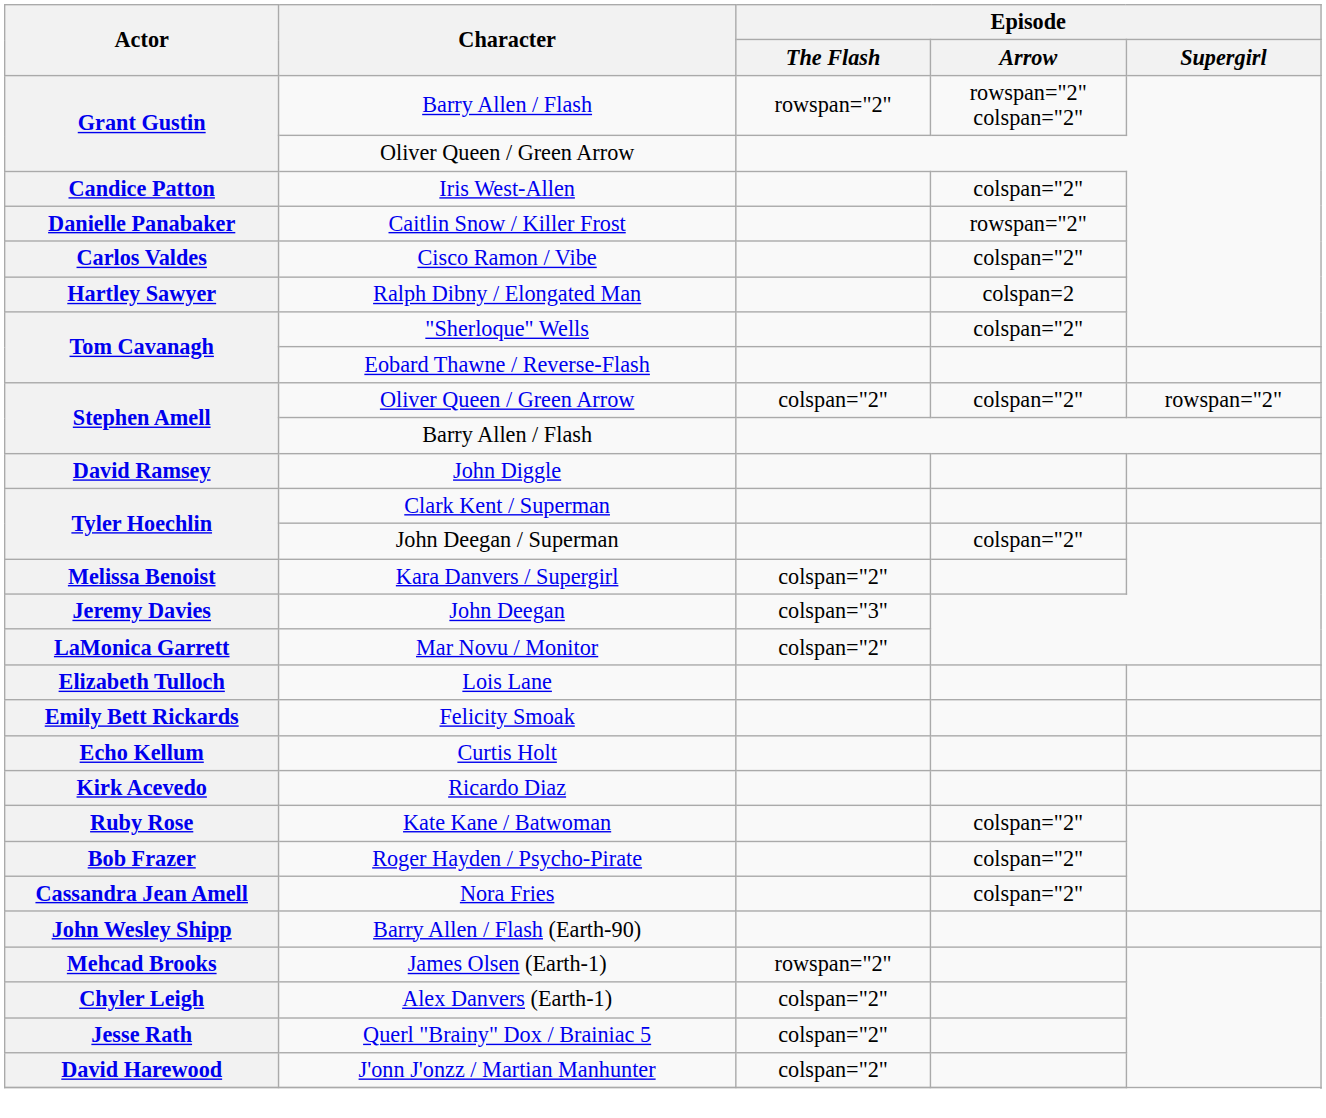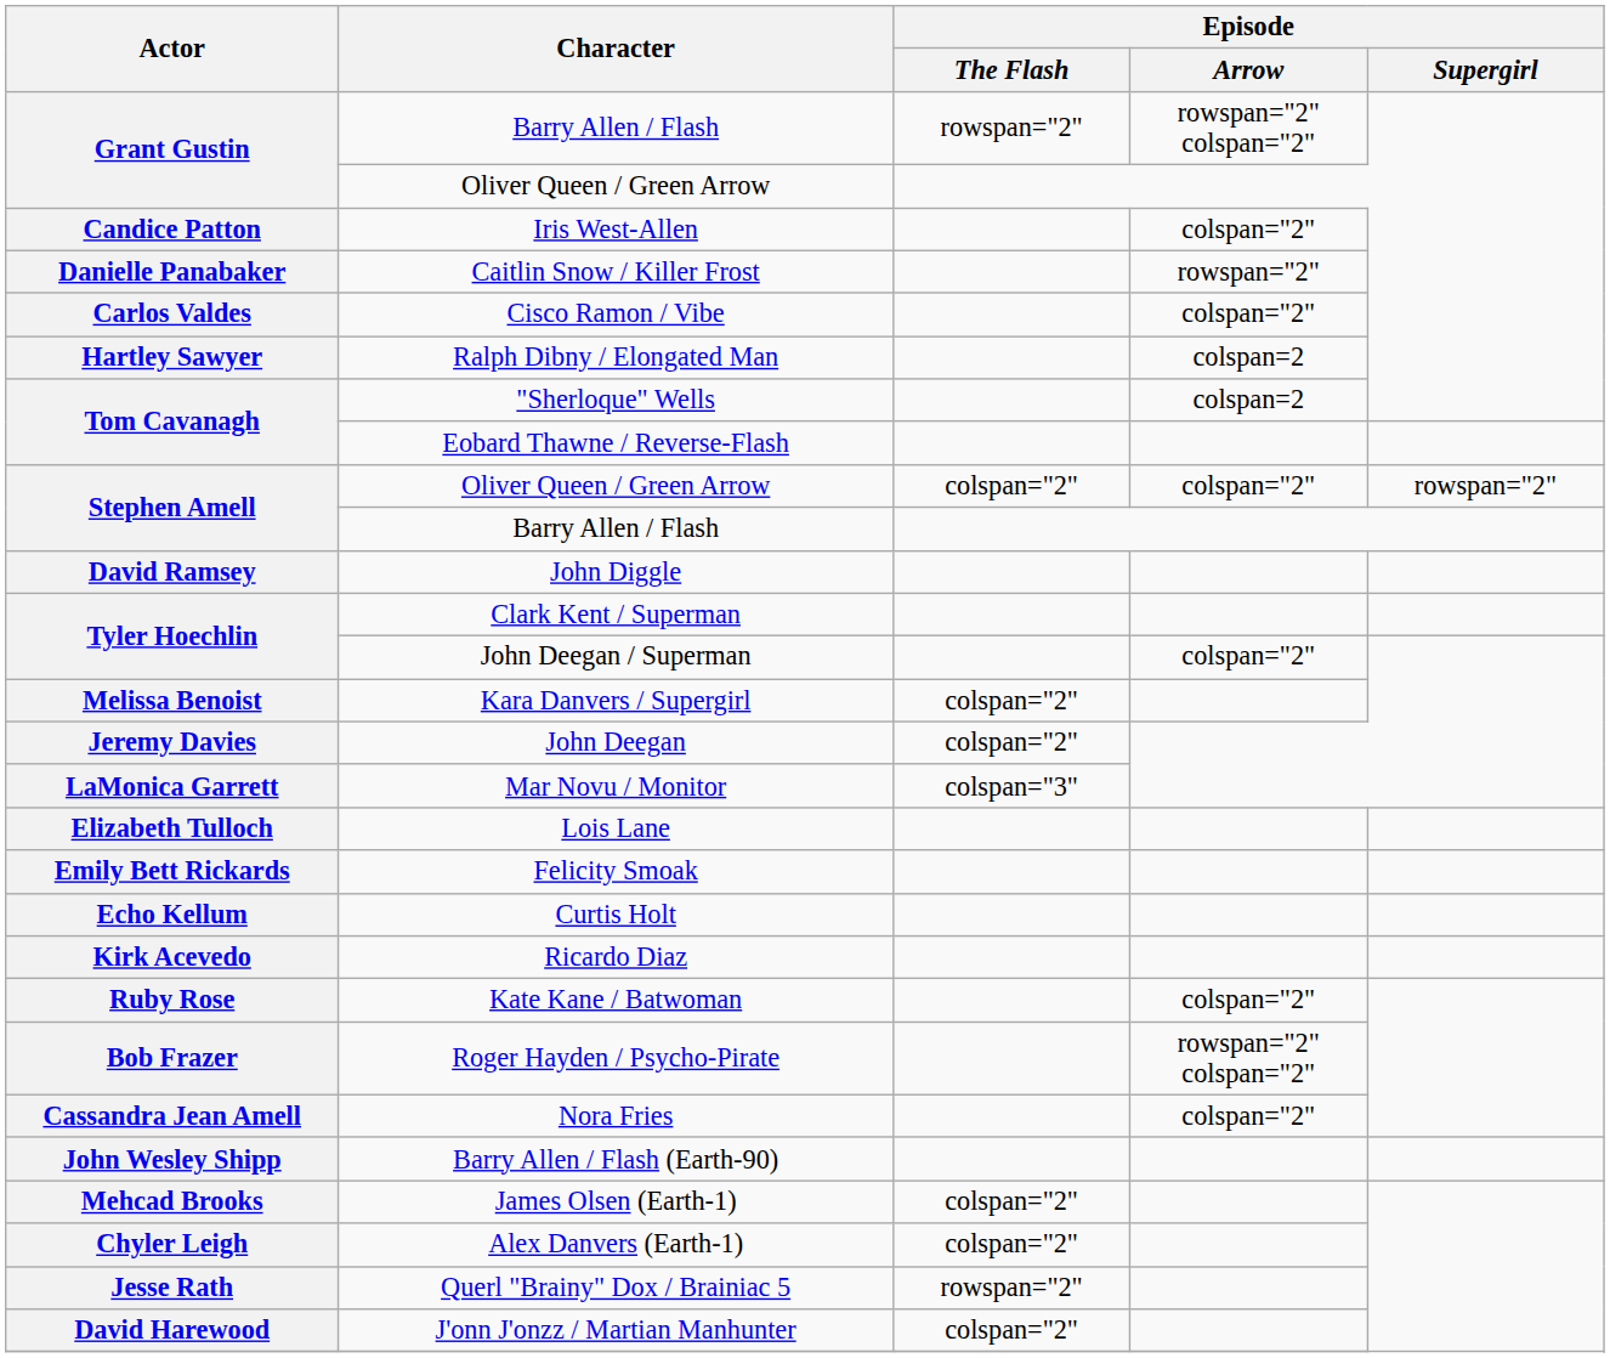 <table class="wikitable plainrowheaders" style="width:75%; text-align: center;">
 <tr>
 <th scope="col" rowspan="2" style="width: 12%;">Actor</th>
 <th scope="col" rowspan="2" style="width: 20%;">Character</th>
 <th scope="col" colspan="4">Episode</th>
 </tr>
 <tr>
 <th scope="col" style="width: 7%;"><em>The Flash</em></th>
 <th scope="col" style="width: 7%;"><em>Arrow</em></th>
 <th scope="col" style="width: 7%;"><em>Supergirl</em></th>
 </tr>
 <tr>
 <th scope="row" rowspan="2" style="text-align: center;"><a href='#'>Grant Gustin</a></th>
 <td><a href='#'>Barry Allen / Flash</a></td>
 <td>rowspan="2" </td>
 <td>rowspan="2" colspan="2" </td>
 </tr>
 <tr>
 <td>Oliver Queen / Green Arrow</td>
 </tr>
 <tr>
 <th scope="row" style="text-align: center;"><a href='#'>Candice Patton</a></th>
 <td><a href='#'>Iris West-Allen</a></td>
 <td></td>
 <td>colspan="2" </td>
 </tr>
 <tr>
 <th scope="row" style="text-align: center;"><a href='#'>Danielle Panabaker</a></th>
 <td><a href='#'>Caitlin Snow / Killer Frost</a></td>
 <td></td>
 <td>rowspan="2" </td>
 </tr>
 <tr>
 <th scope="row" style="text-align: center;"><a href='#'>Carlos Valdes</a></th>
 <td><a href='#'>Cisco Ramon / Vibe</a></td>
 <td></td>
 <td>colspan="2" </td>
 </tr>
 <tr>
 <th scope="row" style="text-align: center;"><a href='#'>Hartley Sawyer</a></th>
 <td><a href='#'>Ralph Dibny / Elongated Man</a></td>
 <td></td>
 <td>colspan=2 </td>
 </tr>
 <tr>
 <th scope="row" rowspan="2" style="text-align: center;"><a href='#'>Tom Cavanagh</a></th>
 <td><a href='#'>"Sherloque" Wells</a></td>
 <td></td>
-<td>colspan="2" </td>
+<td>colspan=2  </td>
 </tr>
 <tr>
 <td><a href='#'>Eobard Thawne / Reverse-Flash</a></td>
 <td></td>
 <td></td>
 <td></td>
 </tr>
 <tr>
 <th scope="row" rowspan="2" style="text-align: center;"><a href='#'>Stephen Amell</a></th>
 <td><a href='#'>Oliver Queen / Green Arrow</a></td>
 <td>colspan="2" </td>
 <td>colspan="2" </td>
 <td>rowspan="2" </td>
 </tr>
 <tr>
 <td>Barry Allen / Flash</td>
 </tr>
 <tr>
 <th scope="row" style="text-align: center;"><a href='#'>David Ramsey</a></th>
 <td><a href='#'>John Diggle</a></td>
 <td></td>
 <td></td>
 <td></td>
 </tr>
 <tr>
 <th scope="row" rowspan="2" style="text-align: center;"><a href='#'>Tyler Hoechlin</a></th>
 <td><a href='#'>Clark Kent / Superman</a></td>
 <td></td>
 <td></td>
 <td></td>
 </tr>
 <tr>
 <td>John Deegan / Superman</td>
 <td></td>
 <td>colspan="2" </td>
 </tr>
 <tr>
 <th scope="row" style="text-align: center;"><a href='#'>Melissa Benoist</a></th>
 <td><a href='#'>Kara Danvers / Supergirl</a></td>
 <td>colspan="2" </td>
 <td></td>
 </tr>
 <tr>
 <th scope="row" style="text-align: center;"><a href='#'>Jeremy Davies</a></th>
 <td><a href='#'>John Deegan</a></td>
-<td>colspan="3" </td>
+<td>colspan="2" </td>
 </tr>
 <tr>
 <th scope="row" style="text-align: center;"><a href='#'>LaMonica Garrett</a></th>
 <td><a href='#'>Mar Novu / Monitor</a></td>
-<td>colspan="2" </td>
+<td>colspan="3" </td>
 </tr>
 <tr>
 <th scope="row" style="text-align: center;"><a href='#'>Elizabeth Tulloch</a></th>
 <td><a href='#'>Lois Lane</a></td>
 <td></td>
 <td></td>
 <td><br></td>
 </tr>
 <tr>
 <th scope="row" style="text-align: center;"><a href='#'>Emily Bett Rickards</a></th>
 <td><a href='#'>Felicity Smoak</a></td>
 <td></td>
 <td></td>
 <td></td>
 </tr>
 <tr>
 <th scope="row" style="text-align: center;"><a href='#'>Echo Kellum</a></th>
 <td><a href='#'>Curtis Holt</a></td>
 <td></td>
 <td></td>
 <td></td>
 </tr>
 <tr>
 <th scope="row" style="text-align: center;"><a href='#'>Kirk Acevedo</a></th>
 <td><a href='#'>Ricardo Diaz</a></td>
 <td></td>
 <td></td>
 <td></td>
 </tr>
 <tr>
 <th scope="row" style="text-align: center;"><a href='#'>Ruby Rose</a></th>
 <td><a href='#'>Kate Kane / Batwoman</a></td>
 <td></td>
 <td>colspan="2" </td>
 </tr>
 <tr>
 <th scope="row" style="text-align: center;"><a href='#'>Bob Frazer</a></th>
 <td><a href='#'>Roger Hayden / Psycho-Pirate</a></td>
 <td></td>
-<td>colspan="2" </td>
+<td>rowspan="2" colspan="2" </td>
 </tr>
 <tr>
 <th scope="row" style="text-align: center;"><a href='#'>Cassandra Jean Amell</a></th>
 <td><a href='#'>Nora Fries</a></td>
 <td></td>
 <td>colspan="2" <br></td>
 </tr>
 <tr>
 <th scope="row" style="text-align: center;"><a href='#'>John Wesley Shipp</a></th>
 <td><a href='#'>Barry Allen / Flash</a> (Earth-90)</td>
 <td></td>
 <td></td>
 <td><br></td>
 </tr>
 <tr>
 <th scope="row" style="text-align: center;"><a href='#'>Mehcad Brooks</a></th>
 <td><a href='#'>James Olsen</a> (Earth-1)</td>
-<td>rowspan="2" </td>
+<td>colspan="2" </td>
 <td></td>
 </tr>
 <tr>
 <th scope="row" style="text-align: center;"><a href='#'>Chyler Leigh</a></th>
 <td><a href='#'>Alex Danvers</a> (Earth-1)</td>
 <td>colspan="2" </td>
 <td></td>
 </tr>
 <tr>
 <th scope="row" style="text-align: center;"><a href='#'>Jesse Rath</a></th>
 <td><a href='#'>Querl "Brainy" Dox / Brainiac 5</a></td>
-<td>colspan="2" </td>
+<td>rowspan="2" </td>
 <td></td>
 </tr>
 <tr>
 <th scope="row" style="text-align: center;"><a href='#'>David Harewood</a></th>
 <td><a href='#'>J'onn J'onzz / Martian Manhunter</a></td>
 <td>colspan="2" </td>
 <td></td>
 </tr>
 <tr>
 </tr>
 </table>
